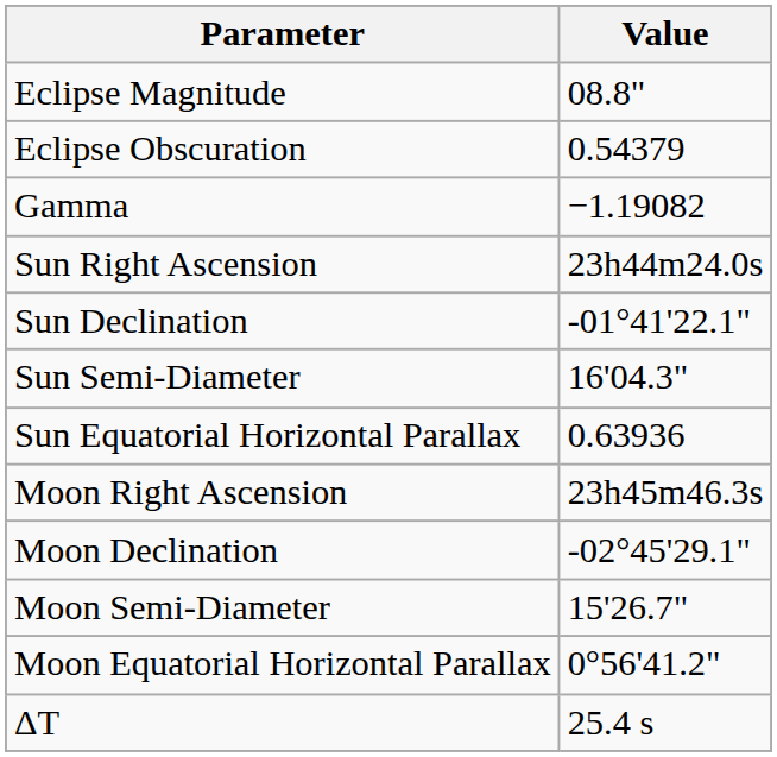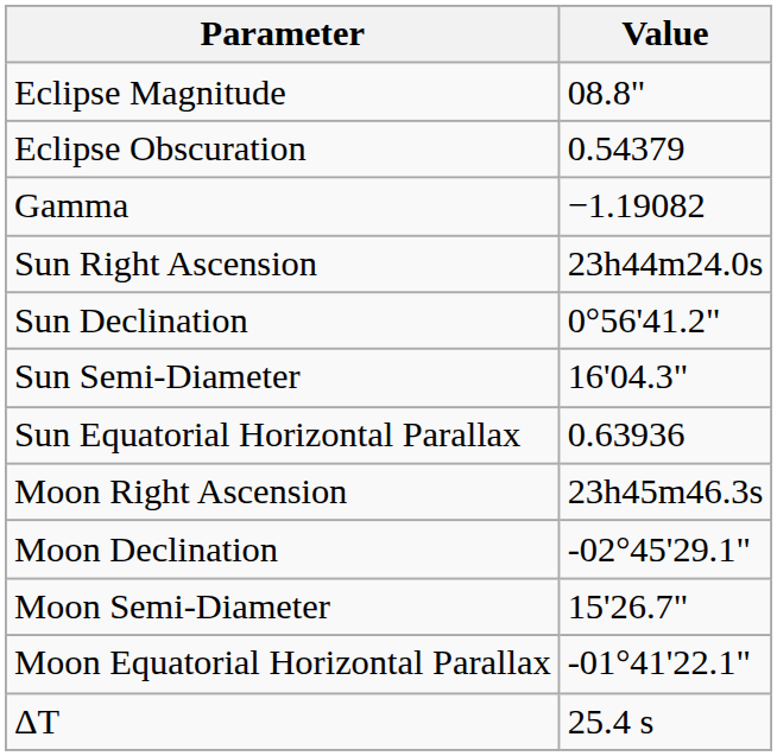 <table class="wikitable">
 <tr>
 <th>Parameter</th>
 <th>Value</th>
 </tr>
 <tr>
 <td>Eclipse Magnitude</td>
 <td>08.8"</td>
 </tr>
 <tr>
 <td>Eclipse Obscuration</td>
 <td>0.54379</td>
 </tr>
 <tr>
 <td>Gamma</td>
 <td>−1.19082</td>
 </tr>
 <tr>
 <td>Sun Right Ascension</td>
 <td>23h44m24.0s</td>
 </tr>
 <tr>
 <td>Sun Declination</td>
-<td>-01°41'22.1"</td>
+<td>0°56'41.2"</td>
 </tr>
 <tr>
 <td>Sun Semi-Diameter</td>
 <td>16'04.3"</td>
 </tr>
 <tr>
 <td>Sun Equatorial Horizontal Parallax</td>
 <td>0.63936</td>
 </tr>
 <tr>
 <td>Moon Right Ascension</td>
 <td>23h45m46.3s</td>
 </tr>
 <tr>
 <td>Moon Declination</td>
 <td>-02°45'29.1"</td>
 </tr>
 <tr>
 <td>Moon Semi-Diameter</td>
 <td>15'26.7"</td>
 </tr>
 <tr>
 <td>Moon Equatorial Horizontal Parallax</td>
-<td>0°56'41.2"</td>
+<td>-01°41'22.1"</td>
 </tr>
 <tr>
 <td>ΔT</td>
 <td>25.4 s</td>
 </tr>
 </table>
